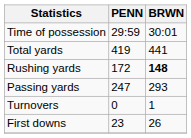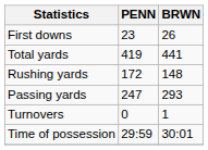 <table class="wikitable" style="float: left;">
 <tr>
 <th>Statistics</th>
 <th>PENN</th>
 <th>BRWN</th>
 </tr>
 <tr>
-<td>Time of possession</td>
-<td>29:59</td>
-<td>30:01</td>
+<td>First downs</td>
+<td>23</td>
+<td>26</td>
 </tr>
 <tr>
 <td>Total yards</td>
 <td>419</td>
 <td>441</td>
 </tr>
 <tr>
 <td>Rushing yards</td>
 <td>172</td>
-<td><strong>148</strong></td>
+<td>148</td>
 </tr>
 <tr>
 <td>Passing yards</td>
 <td>247</td>
 <td>293</td>
 </tr>
 <tr>
 <td>Turnovers</td>
 <td>0</td>
 <td>1</td>
 </tr>
 <tr>
-<td>First downs</td>
-<td>23</td>
-<td>26</td>
+<td>Time of possession</td>
+<td>29:59</td>
+<td>30:01</td>
 </tr>
 <tr>
 </tr>
 </table>
